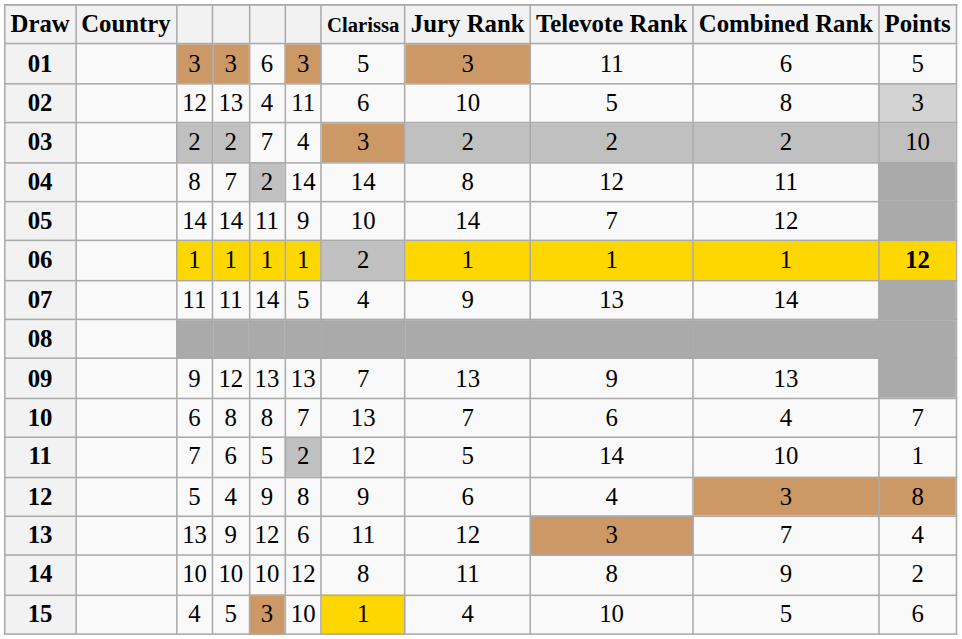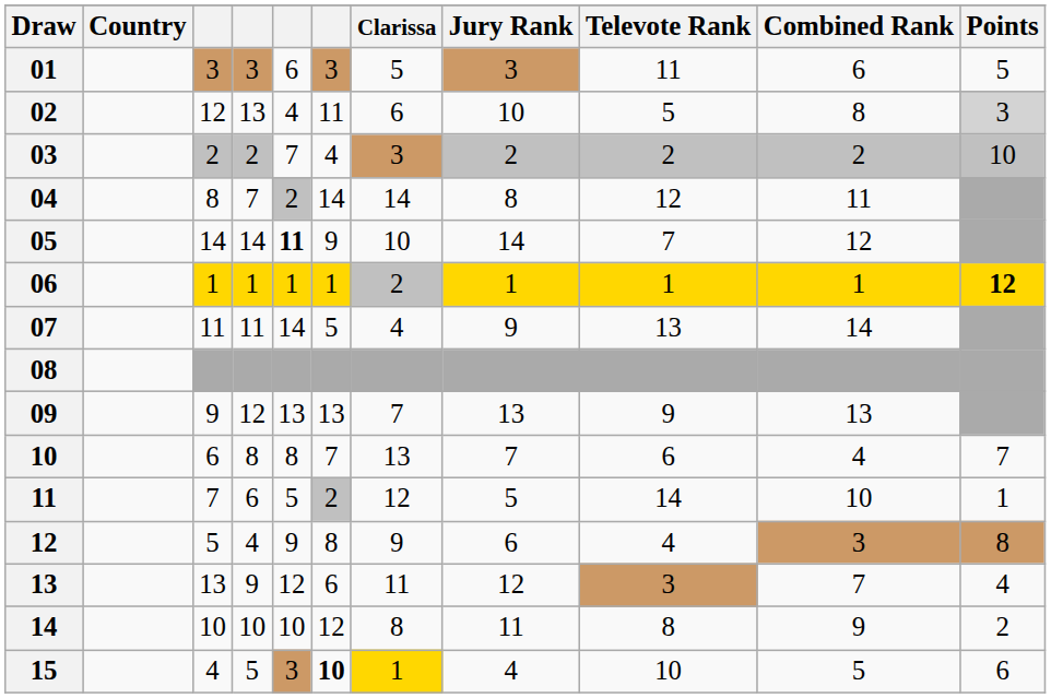 <table class="sortable wikitable collapsible plainrowheaders" style="text-align:center;">
 <tr>
 </tr>
 <tr>
 <th scope="col">Draw</th>
 <th scope="col">Country</th>
 <th scope="col"><small></small></th>
 <th scope="col"><small></small></th>
 <th scope="col"><small></small></th>
 <th scope="col"><small></small></th>
 <th scope="col"><small>Clarissa</small></th>
 <th scope="col">Jury Rank</th>
 <th scope="col">Televote Rank</th>
 <th scope="col">Combined Rank</th>
 <th scope="col">Points</th>
 </tr>
 <tr>
 <th scope="row" style="text-align:center;">01</th>
 <td style="text-align:left;"></td>
 <td style="background:#CC9966;">3</td>
 <td style="background:#CC9966;">3</td>
 <td>6</td>
 <td style="background:#CC9966;">3</td>
 <td>5</td>
 <td style="background:#CC9966;">3</td>
 <td>11</td>
 <td>6</td>
 <td>5</td>
 </tr>
 <tr>
 <th scope="row" style="text-align:center;">02</th>
 <td style="text-align:left;"></td>
 <td>12</td>
 <td>13</td>
 <td>4</td>
 <td>11</td>
 <td>6</td>
 <td>10</td>
 <td>5</td>
 <td>8</td>
 <td style="background: lightgrey;">3</td>
 </tr>
 <tr>
 <th scope="row" style="text-align:center;">03</th>
 <td style="text-align:left;"></td>
 <td style="background:silver;">2</td>
 <td style="background:silver;">2</td>
 <td>7</td>
 <td>4</td>
 <td style="background:#CC9966;">3</td>
 <td style="background:silver;">2</td>
 <td style="background:silver;">2</td>
 <td style="background:silver;">2</td>
 <td style="background:silver;">10</td>
 </tr>
 <tr>
 <th scope="row" style="text-align:center;">04</th>
 <td style="text-align:left;"></td>
 <td>8</td>
 <td>7</td>
 <td style="background:silver;">2</td>
 <td>14</td>
 <td>14</td>
 <td>8</td>
 <td>12</td>
 <td>11</td>
 <td style="background:#AAAAAA;"></td>
 </tr>
 <tr>
 <th scope="row" style="text-align:center;">05</th>
 <td style="text-align:left;"></td>
 <td>14</td>
 <td>14</td>
-<td>11</td>
+<td><strong>11</strong></td>
 <td>9</td>
 <td>10</td>
 <td>14</td>
 <td>7</td>
 <td>12</td>
 <td style="background:#AAAAAA;"></td>
 </tr>
 <tr>
 <th scope="row" style="text-align:center;">06</th>
 <td style="text-align:left;"></td>
 <td style="background:gold;">1</td>
 <td style="background:gold;">1</td>
 <td style="background:gold;">1</td>
 <td style="background:gold;">1</td>
 <td style="background:silver;">2</td>
 <td style="background:gold;">1</td>
 <td style="background:gold;">1</td>
 <td style="background:gold;">1</td>
 <td style="background:gold;"><strong>12</strong></td>
 </tr>
 <tr>
 <th scope="row" style="text-align:center;">07</th>
 <td style="text-align:left;"></td>
 <td>11</td>
 <td>11</td>
 <td>14</td>
 <td>5</td>
 <td>4</td>
 <td>9</td>
 <td>13</td>
 <td>14</td>
 <td style="background:#AAAAAA;"></td>
 </tr>
 <tr class="sortbottom">
 <th scope="row" style="text-align:center;">08</th>
 <td style="text-align:left;"></td>
 <td style="background:#AAAAAA;"></td>
 <td style="background:#AAAAAA;"></td>
 <td style="background:#AAAAAA;"></td>
 <td style="background:#AAAAAA;"></td>
 <td style="background:#AAAAAA;"></td>
 <td style="background:#AAAAAA;"></td>
 <td style="background:#AAAAAA;"></td>
 <td style="background:#AAAAAA;"></td>
 <td style="background:#AAAAAA;"></td>
 </tr>
 <tr>
 <th scope="row" style="text-align:center;">09</th>
 <td style="text-align:left;"></td>
 <td>9</td>
 <td>12</td>
 <td>13</td>
 <td>13</td>
 <td>7</td>
 <td>13</td>
 <td>9</td>
 <td>13</td>
 <td style="background:#AAAAAA;"></td>
 </tr>
 <tr>
 <th scope="row" style="text-align:center;">10</th>
 <td style="text-align:left;"></td>
 <td>6</td>
 <td>8</td>
 <td>8</td>
 <td>7</td>
 <td>13</td>
 <td>7</td>
 <td>6</td>
 <td>4</td>
 <td>7</td>
 </tr>
 <tr>
 <th scope="row" style="text-align:center;">11</th>
 <td style="text-align:left;"></td>
 <td>7</td>
 <td>6</td>
 <td>5</td>
 <td style="background:silver;">2</td>
 <td>12</td>
 <td>5</td>
 <td>14</td>
 <td>10</td>
 <td>1</td>
 </tr>
 <tr>
 <th scope="row" style="text-align:center;">12</th>
 <td style="text-align:left;"></td>
 <td>5</td>
 <td>4</td>
 <td>9</td>
 <td>8</td>
 <td>9</td>
 <td>6</td>
 <td>4</td>
 <td style="background:#CC9966;">3</td>
 <td style="background:#CC9966;">8</td>
 </tr>
 <tr>
 <th scope="row" style="text-align:center;">13</th>
 <td style="text-align:left;"></td>
 <td>13</td>
 <td>9</td>
 <td>12</td>
 <td>6</td>
 <td>11</td>
 <td>12</td>
 <td style="background:#CC9966;">3</td>
 <td>7</td>
 <td>4</td>
 </tr>
 <tr>
 <th scope="row" style="text-align:center;">14</th>
 <td style="text-align:left;"></td>
 <td>10</td>
 <td>10</td>
 <td>10</td>
 <td>12</td>
 <td>8</td>
 <td>11</td>
 <td>8</td>
 <td>9</td>
 <td>2</td>
 </tr>
 <tr>
 <th scope="row" style="text-align:center;">15</th>
 <td style="text-align:left;"></td>
 <td>4</td>
 <td>5</td>
 <td style="background:#CC9966;">3</td>
-<td>10</td>
+<td><strong>10</strong></td>
 <td style="background:gold;">1</td>
 <td>4</td>
 <td>10</td>
 <td>5</td>
 <td>6</td>
 </tr>
 </table>
